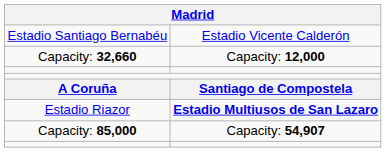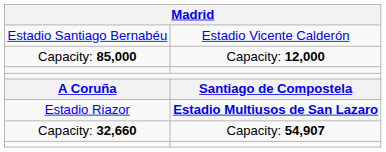 <table class="wikitable" style="text-align:center">
 <tr>
 <th colspan="2"><a href='#'>Madrid</a></th>
 </tr>
 <tr>
 <td><a href='#'>Estadio Santiago Bernabéu</a></td>
 <td><a href='#'>Estadio Vicente Calderón</a></td>
 </tr>
 <tr>
-<td>Capacity: <strong>32,660</strong></td>
+<td>Capacity: <strong>85,000</strong></td>
 <td>Capacity: <strong>12,000</strong></td>
 </tr>
 <tr>
 <td></td>
 <td></td>
 </tr>
 <tr>
 <td colspan="2"></td>
 </tr>
 <tr>
 <th><a href='#'>A Coruña</a></th>
 <th><a href='#'>Santiago de Compostela</a></th>
 </tr>
 <tr>
 <td><a href='#'>Estadio Riazor</a></td>
 <td><strong><a href='#'>Estadio Multiusos de San Lazaro</a></strong></td>
 </tr>
 <tr>
-<td>Capacity: <strong>85,000</strong></td>
+<td>Capacity: <strong>32,660</strong></td>
 <td>Capacity: <strong>54,907</strong></td>
 </tr>
 <tr>
 <td></td>
 <td></td>
 </tr>
 </table>
